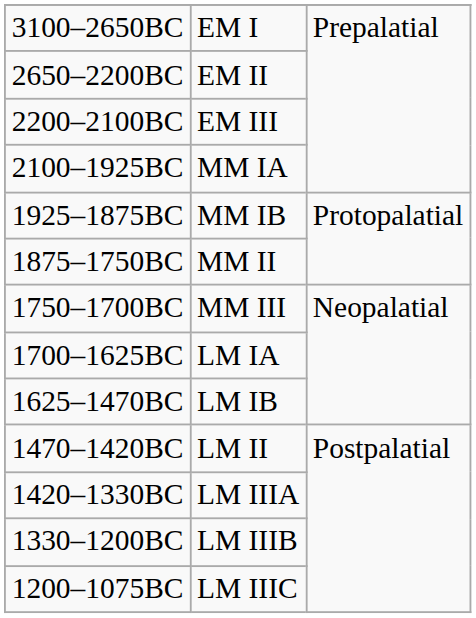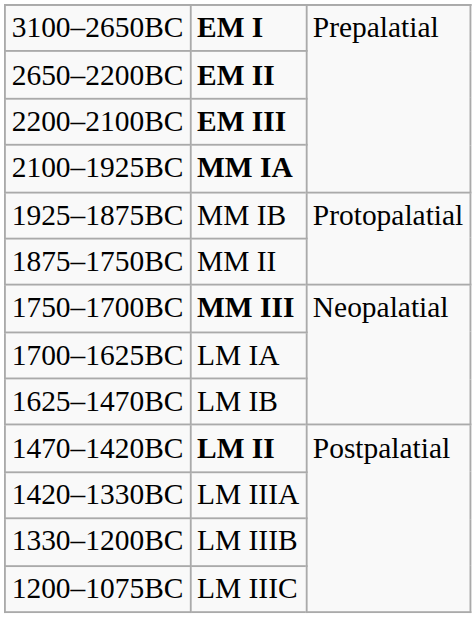 <table class="wikitable floatright border: gray solid 1px; text-align: center; background: white;">
 <tr style="background: #ececec;">
 </tr>
 <tr>
 <td>3100–2650BC</td>
-<td>EM I</td>
+<td><strong>EM I</strong></td>
 <td rowspan="4" style="vertical-align:top;">Prepalatial</td>
 </tr>
 <tr>
 <td>2650–2200BC</td>
-<td>EM II</td>
+<td><strong>EM II</strong></td>
 </tr>
 <tr>
 <td>2200–2100BC</td>
-<td>EM III</td>
+<td><strong>EM III</strong></td>
 </tr>
 <tr>
 <td>2100–1925BC</td>
-<td>MM IA</td>
+<td><strong>MM IA</strong></td>
 </tr>
 <tr>
 <td>1925–1875BC</td>
 <td>MM IB</td>
 <td rowspan="2" style="vertical-align:top;">Protopalatial</td>
 </tr>
 <tr>
 <td>1875–1750BC</td>
 <td>MM II</td>
 </tr>
 <tr>
 <td>1750–1700BC</td>
-<td>MM III</td>
+<td><strong>MM III</strong></td>
 <td rowspan="3" style="vertical-align:top;">Neopalatial</td>
 </tr>
 <tr>
 <td>1700–1625BC</td>
 <td>LM IA</td>
 </tr>
 <tr>
 <td>1625–1470BC</td>
 <td>LM IB</td>
 </tr>
 <tr>
 <td>1470–1420BC</td>
-<td>LM II</td>
+<td><strong>LM II</strong></td>
 <td rowspan="4" style="vertical-align:top;">Postpalatial</td>
 </tr>
 <tr>
 <td>1420–1330BC</td>
 <td>LM IIIA</td>
 </tr>
 <tr>
 <td>1330–1200BC</td>
 <td>LM IIIB</td>
 </tr>
 <tr>
 <td>1200–1075BC</td>
 <td>LM IIIC</td>
 </tr>
 </table>
